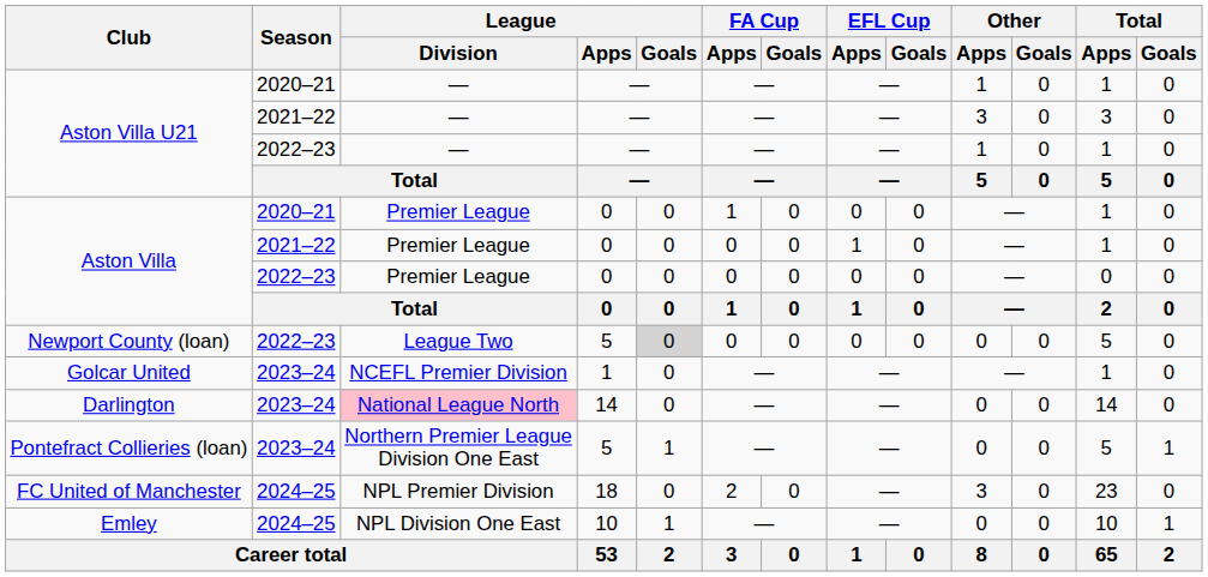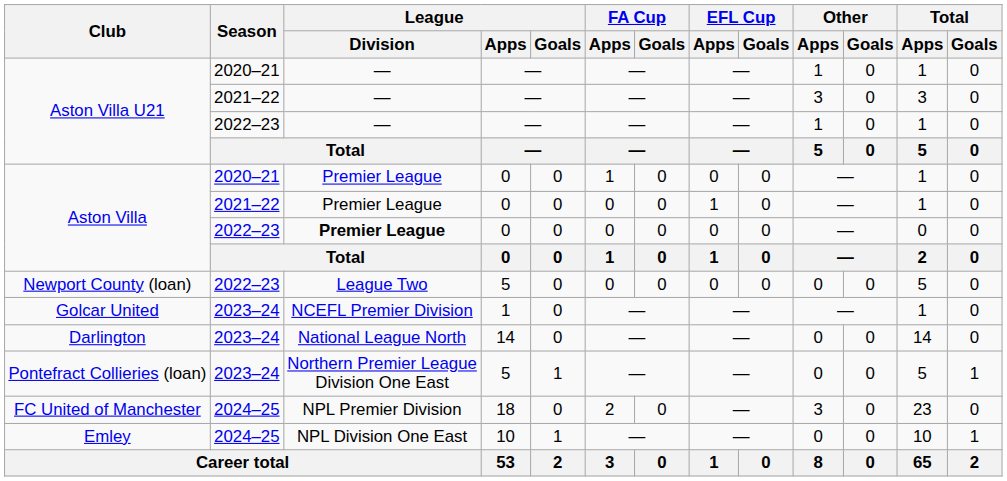 <table class="wikitable" style="text-align:center">
 <tr>
 <th rowspan="2">Club</th>
 <th rowspan="2">Season</th>
 <th colspan="3">League</th>
 <th colspan="2"><a href='#'>FA Cup</a></th>
 <th colspan="2"><a href='#'>EFL Cup</a></th>
 <th colspan="2">Other</th>
 <th colspan="2">Total</th>
 </tr>
 <tr>
 <th>Division</th>
 <th>Apps</th>
 <th>Goals</th>
 <th>Apps</th>
 <th>Goals</th>
 <th>Apps</th>
 <th>Goals</th>
 <th>Apps</th>
 <th>Goals</th>
 <th>Apps</th>
 <th>Goals</th>
 </tr>
 <tr>
 <td rowspan="4"><a href='#'>Aston Villa U21</a></td>
 <td>2020–21</td>
 <td>—</td>
 <td colspan="2">—</td>
 <td colspan="2">—</td>
 <td colspan="2">—</td>
 <td>1</td>
 <td>0</td>
 <td>1</td>
 <td>0</td>
 </tr>
 <tr>
 <td>2021–22</td>
 <td>—</td>
 <td colspan="2">—</td>
 <td colspan="2">—</td>
 <td colspan="2">—</td>
 <td>3</td>
 <td>0</td>
 <td>3</td>
 <td>0</td>
 </tr>
 <tr>
 <td>2022–23</td>
 <td>—</td>
 <td colspan="2">—</td>
 <td colspan="2">—</td>
 <td colspan="2">—</td>
 <td>1</td>
 <td>0</td>
 <td>1</td>
 <td>0</td>
 </tr>
 <tr>
 <th colspan="2">Total</th>
 <th colspan="2">—</th>
 <th colspan="2">—</th>
 <th colspan="2">—</th>
 <th>5</th>
 <th>0</th>
 <th>5</th>
 <th>0</th>
 </tr>
 <tr>
 <td rowspan="4"><a href='#'>Aston Villa</a></td>
 <td><a href='#'>2020–21</a></td>
 <td><a href='#'>Premier League</a></td>
 <td>0</td>
 <td>0</td>
 <td>1</td>
 <td>0</td>
 <td>0</td>
 <td>0</td>
 <td colspan="2">—</td>
 <td>1</td>
 <td>0</td>
 </tr>
 <tr>
 <td><a href='#'>2021–22</a></td>
 <td>Premier League</td>
 <td>0</td>
 <td>0</td>
 <td>0</td>
 <td>0</td>
 <td>1</td>
 <td>0</td>
 <td colspan="2">—</td>
 <td>1</td>
 <td>0</td>
 </tr>
 <tr>
 <td><a href='#'>2022–23</a></td>
-<td>Premier League</td>
+<td><strong>Premier League</strong></td>
 <td>0</td>
 <td>0</td>
 <td>0</td>
 <td>0</td>
 <td>0</td>
 <td>0</td>
 <td colspan="2">—</td>
 <td>0</td>
 <td>0</td>
 </tr>
 <tr>
 <th colspan="2">Total</th>
 <th>0</th>
 <th>0</th>
 <th>1</th>
 <th>0</th>
 <th>1</th>
 <th>0</th>
 <th colspan="2">—</th>
 <th>2</th>
 <th>0</th>
 </tr>
 <tr>
 <td><a href='#'>Newport County</a> (loan)</td>
 <td><a href='#'>2022–23</a></td>
 <td><a href='#'>League Two</a></td>
 <td>5</td>
-<td style="background: lightgrey;">0</td>
+<td>0</td>
 <td>0</td>
 <td>0</td>
 <td>0</td>
 <td>0</td>
 <td>0</td>
 <td>0</td>
 <td>5</td>
 <td>0</td>
 </tr>
 <tr>
 <td><a href='#'>Golcar United</a></td>
 <td><a href='#'>2023–24</a></td>
 <td><a href='#'>NCEFL Premier Division</a></td>
 <td>1</td>
 <td>0</td>
 <td colspan="2">—</td>
 <td colspan="2">—</td>
 <td colspan="2">—</td>
 <td>1</td>
 <td>0</td>
 </tr>
 <tr>
 <td><a href='#'>Darlington</a></td>
 <td><a href='#'>2023–24</a></td>
-<td style="background: pink;"><a href='#'>National League North</a></td>
+<td><a href='#'>National League North</a></td>
 <td>14</td>
 <td>0</td>
 <td colspan="2">—</td>
 <td colspan="2">—</td>
 <td>0</td>
 <td>0</td>
 <td>14</td>
 <td>0</td>
 </tr>
 <tr>
 <td><a href='#'>Pontefract Collieries</a> (loan)</td>
 <td><a href='#'>2023–24</a></td>
 <td><a href='#'>Northern Premier League</a><br>Division One East</td>
 <td>5</td>
 <td>1</td>
 <td colspan="2">—</td>
 <td colspan="2">—</td>
 <td>0</td>
 <td>0</td>
 <td>5</td>
 <td>1</td>
 </tr>
 <tr>
 <td><a href='#'>FC United of Manchester</a></td>
 <td><a href='#'>2024–25</a></td>
 <td>NPL Premier Division</td>
 <td>18</td>
 <td>0</td>
 <td>2</td>
 <td>0</td>
 <td colspan="2">—</td>
 <td>3</td>
 <td>0</td>
 <td>23</td>
 <td>0</td>
 </tr>
 <tr>
 <td><a href='#'>Emley</a></td>
 <td><a href='#'>2024–25</a></td>
 <td>NPL Division One East</td>
 <td>10</td>
 <td>1</td>
 <td colspan="2">—</td>
 <td colspan="2">—</td>
 <td>0</td>
 <td>0</td>
 <td>10</td>
 <td>1</td>
 </tr>
 <tr>
 <th colspan="3">Career total</th>
 <th>53</th>
 <th>2</th>
 <th>3</th>
 <th>0</th>
 <th>1</th>
 <th>0</th>
 <th>8</th>
 <th>0</th>
 <th>65</th>
 <th>2</th>
 </tr>
 </table>
